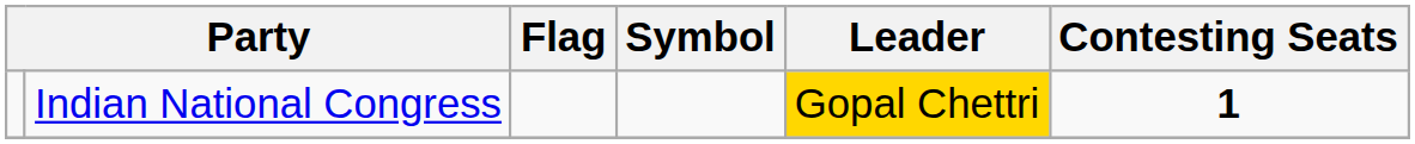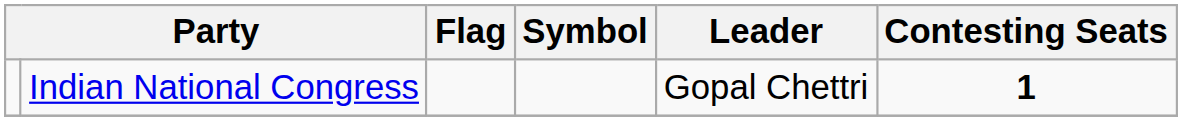 <table class="wikitable" style="text-align:center">
 <tr>
 <th colspan="2">Party</th>
 <th>Flag</th>
 <th>Symbol</th>
 <th>Leader</th>
 <th>Contesting Seats</th>
 </tr>
 <tr>
 <td></td>
 <td><a href='#'>Indian National Congress</a></td>
 <td></td>
 <td></td>
-<td style="background: gold;">Gopal Chettri</td>
+<td>Gopal Chettri</td>
 <td><strong>1</strong></td>
 </tr>
 <tr>
 </tr>
 </table>
